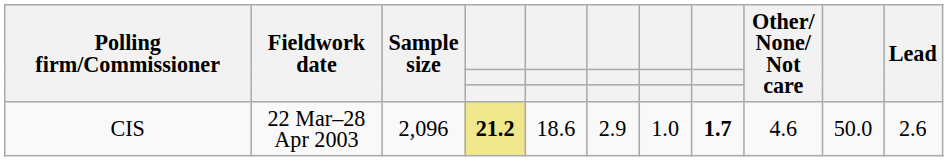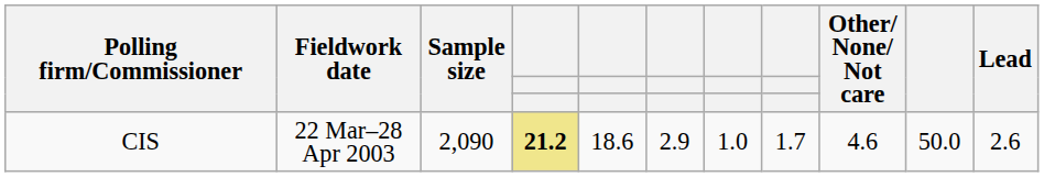 <table class="wikitable collapsible collapsed" style="text-align:center; font-size:90%; line-height:14px;">
 <tr style="height:42px;">
 <th style="width:250px;" rowspan="3">Polling firm/Commissioner</th>
 <th style="width:125px;" rowspan="3">Fieldwork date</th>
 <th style="width:50px;" rowspan="3">Sample size</th>
 <th style="width:55px;"></th>
 <th style="width:55px;"></th>
 <th style="width:55px;"></th>
 <th style="width:55px;"></th>
 <th style="width:55px;"></th>
 <th style="width:55px;" rowspan="3">Other/<br>None/<br>Not<br>care</th>
 <th style="width:55px;" rowspan="3"></th>
 <th style="width:30px;" rowspan="3">Lead</th>
 </tr>
 <tr>
 <th style="color:inherit;background:"></th>
 <th style="color:inherit;background:"></th>
 <th style="color:inherit;background:"></th>
 <th style="color:inherit;background:"></th>
 <th style="color:inherit;background:"></th>
 </tr>
 <tr>
 <th></th>
 <th></th>
 <th></th>
 <th></th>
 <th></th>
 </tr>
 <tr>
 <td>CIS</td>
 <td>22 Mar–28 Apr 2003</td>
-<td>2,096</td>
+<td>2,090</td>
 <td style="background: khaki;"><strong>21.2</strong></td>
 <td>18.6</td>
 <td>2.9</td>
 <td>1.0</td>
-<td><strong>1.7</strong></td>
+<td>1.7</td>
 <td>4.6</td>
 <td>50.0</td>
 <td style="background:">2.6</td>
 </tr>
 </table>
